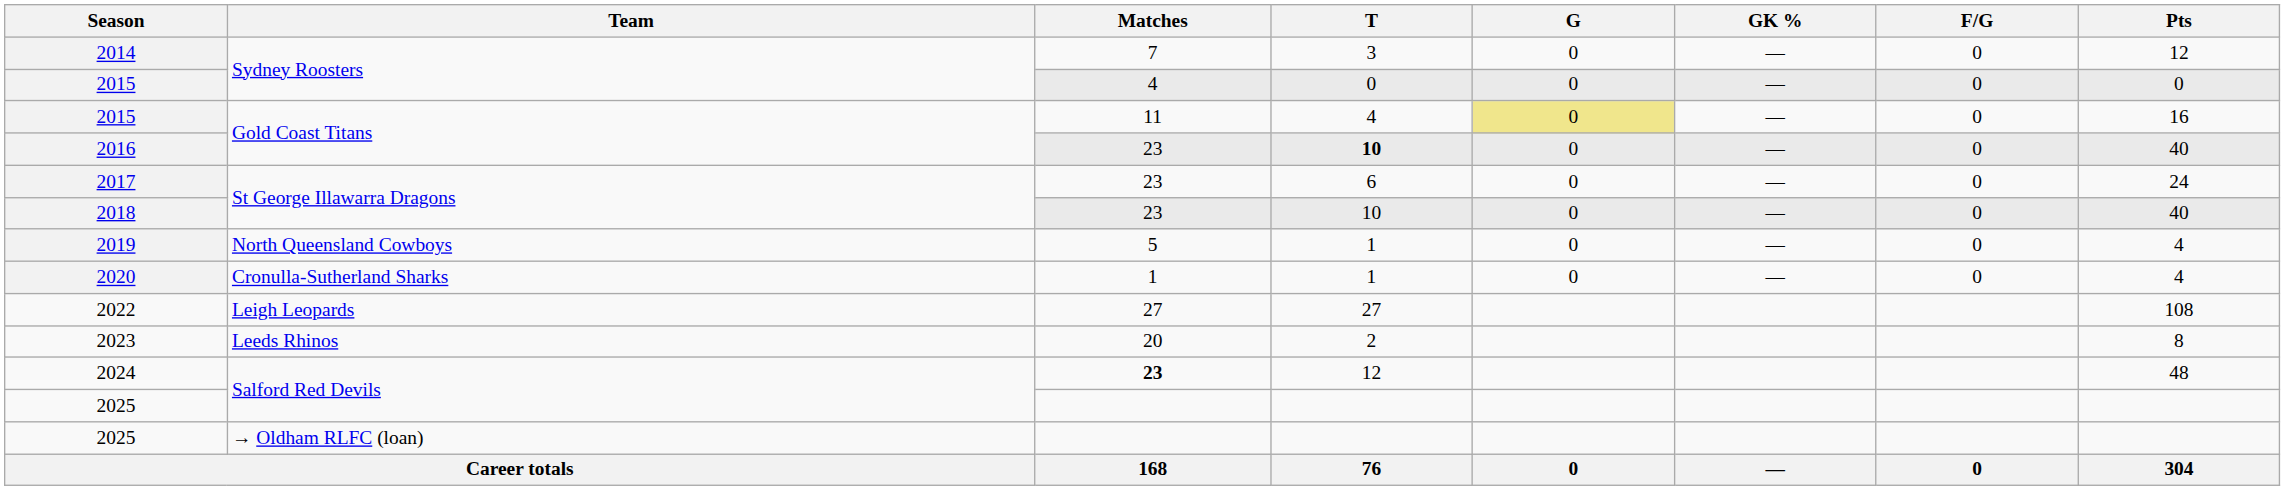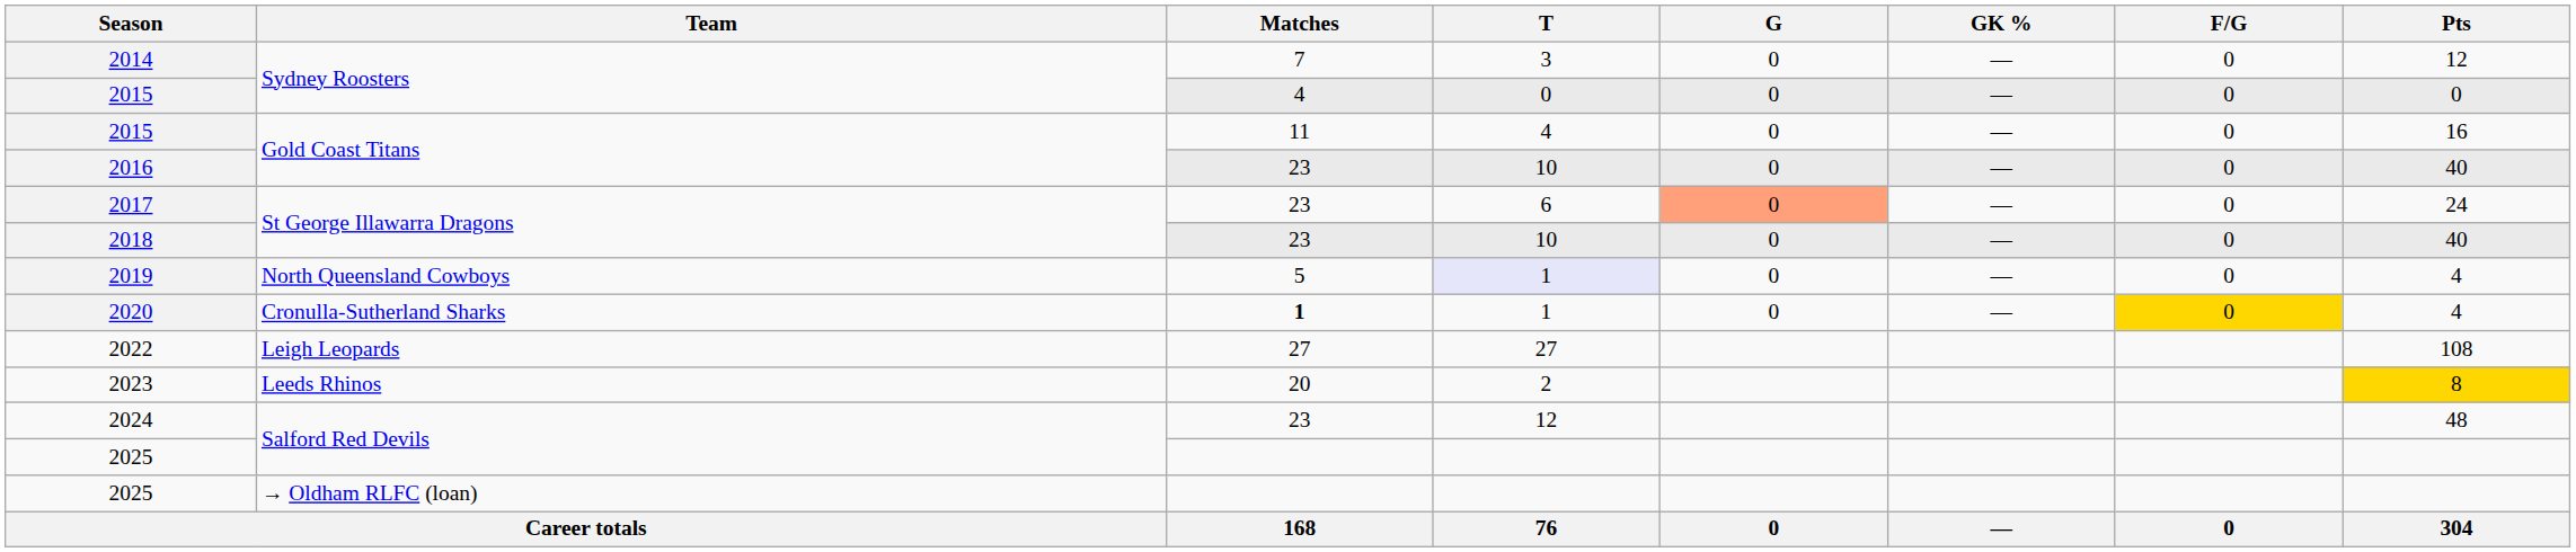 <table class="wikitable sortable"  style="font-size:90%; text-align:center; width:85%;">
 <tr>
 <th width=2%>Season</th>
 <th width=8%>Team</th>
 <th width=2%>Matches</th>
 <th width=2%>T</th>
 <th width=2%>G</th>
 <th width=2%>GK %</th>
 <th width=2%>F/G</th>
 <th width=2%>Pts</th>
 </tr>
 <tr>
 <th scope="row" style="text-align:center; font-weight:normal"><a href='#'>2014</a></th>
 <td rowspan="2" style="text-align:left;"> <a href='#'>Sydney Roosters</a></td>
 <td>7</td>
 <td>3</td>
 <td>0</td>
 <td>—</td>
 <td>0</td>
 <td>12</td>
 </tr>
 <tr style="background:#eaeaea;">
 <th scope="row" style="text-align:center; font-weight:normal"><a href='#'>2015</a></th>
 <td>4</td>
 <td>0</td>
 <td>0</td>
 <td>—</td>
 <td>0</td>
 <td>0</td>
 </tr>
 <tr>
 <th scope="row" style="text-align:center; font-weight:normal"><a href='#'>2015</a></th>
 <td rowspan="2" style="text-align:left;"> <a href='#'>Gold Coast Titans</a></td>
 <td>11</td>
 <td>4</td>
-<td style="background: khaki;">0</td>
+<td>0</td>
 <td>—</td>
 <td>0</td>
 <td>16</td>
 </tr>
 <tr style="background:#eaeaea;">
 <th scope="row" style="text-align:center; font-weight:normal"><a href='#'>2016</a></th>
 <td>23</td>
-<td><strong>10</strong></td>
+<td>10</td>
 <td>0</td>
 <td>—</td>
 <td>0</td>
 <td>40</td>
 </tr>
 <tr>
 <th scope="row" style="text-align:center; font-weight:normal"><a href='#'>2017</a></th>
 <td rowspan="2" style="text-align:left;"> <a href='#'>St George Illawarra Dragons</a></td>
 <td>23</td>
 <td>6</td>
-<td>0</td>
+<td style="background: lightsalmon;">0</td>
 <td>—</td>
 <td>0</td>
 <td>24</td>
 </tr>
 <tr style="background:#eaeaea;">
 <th scope="row" style="text-align:center; font-weight:normal"><a href='#'>2018</a></th>
 <td>23</td>
 <td>10</td>
 <td>0</td>
 <td>—</td>
 <td>0</td>
 <td>40</td>
 </tr>
 <tr>
 <th scope="row" style="text-align:center; font-weight:normal"><a href='#'>2019</a></th>
 <td style="text-align:left;"> <a href='#'>North Queensland Cowboys</a></td>
 <td>5</td>
-<td>1</td>
+<td style="background: lavender;">1</td>
 <td>0</td>
 <td>—</td>
 <td>0</td>
 <td>4</td>
 </tr>
 <tr>
 <th scope="row" style="text-align:center; font-weight:normal"><a href='#'>2020</a></th>
 <td style="text-align:left;"> <a href='#'>Cronulla-Sutherland Sharks</a></td>
-<td>1</td>
+<td><strong>1</strong></td>
 <td>1</td>
 <td>0</td>
 <td>—</td>
-<td>0</td>
+<td style="background: gold;">0</td>
 <td>4</td>
 </tr>
 <tr>
 <td align=center>2022</td>
 <td align=left> <a href='#'>Leigh Leopards</a></td>
 <td>27</td>
 <td>27</td>
 <td></td>
 <td></td>
 <td></td>
 <td>108</td>
 </tr>
 <tr>
 <td align=center>2023</td>
 <td align=left> <a href='#'>Leeds Rhinos</a></td>
 <td>20</td>
 <td>2</td>
 <td></td>
 <td></td>
 <td></td>
-<td>8</td>
+<td style="background: gold;">8</td>
 </tr>
 <tr>
 <td align=center>2024</td>
 <td rowspan=2 align=left> <a href='#'>Salford Red Devils</a></td>
-<td><strong>23</strong></td>
+<td>23</td>
 <td>12</td>
 <td></td>
 <td></td>
 <td></td>
 <td>48</td>
 </tr>
 <tr>
 <td align=center>2025</td>
 <td></td>
 <td></td>
 <td></td>
 <td></td>
 <td></td>
 <td></td>
 </tr>
 <tr>
 <td align=center>2025</td>
 <td align=left>→  <a href='#'>Oldham RLFC</a> (loan)</td>
 <td></td>
 <td></td>
 <td></td>
 <td></td>
 <td></td>
 <td></td>
 </tr>
 <tr class="sortbottom">
 <th colspan="2">Career totals</th>
 <th>168</th>
 <th>76</th>
 <th>0</th>
 <th>—</th>
 <th>0</th>
 <th>304</th>
 </tr>
 </table>
